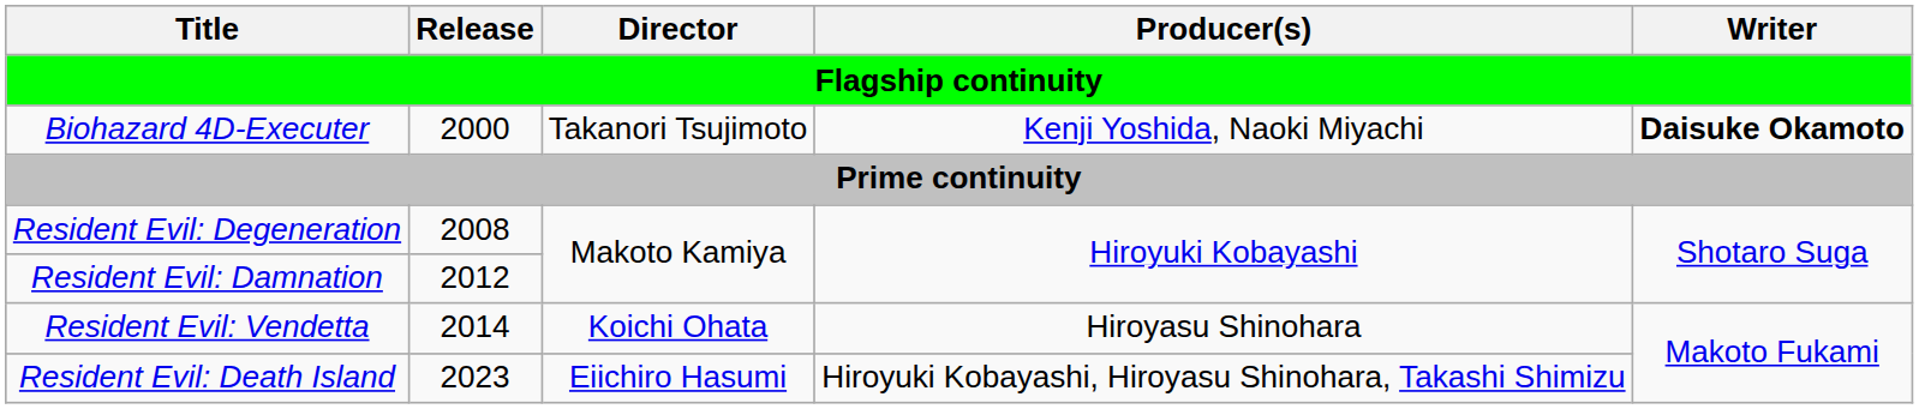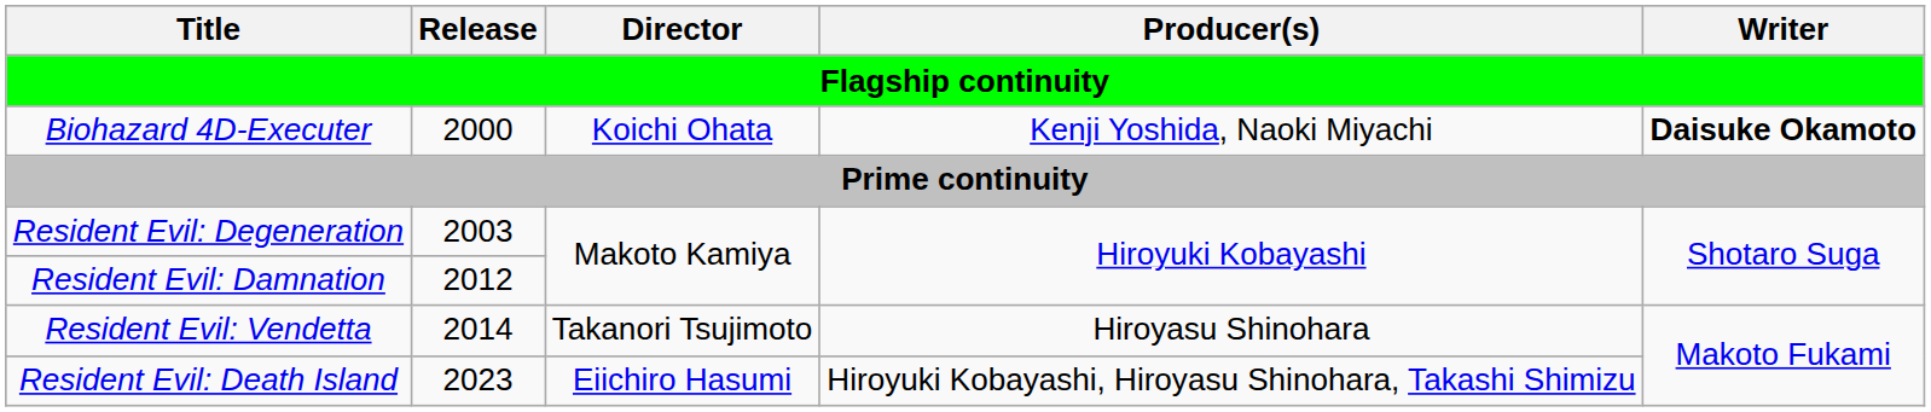 <table class="wikitable">
 <tr>
 <th>Title</th>
 <th>Release</th>
 <th>Director</th>
 <th>Producer(s)</th>
 <th>Writer</th>
 </tr>
 <tr>
 <th colspan="5" style="background-color: lime;">Flagship continuity</th>
 </tr>
 <tr style="text-align: center;">
 <td><em><a href='#'>Biohazard 4D-Executer</a></em></td>
 <td>2000</td>
-<td>Takanori Tsujimoto</td>
+<td><a href='#'>Koichi Ohata</a></td>
 <td><a href='#'>Kenji Yoshida</a>, Naoki Miyachi</td>
 <td><strong>Daisuke Okamoto</strong></td>
 </tr>
 <tr>
 <th colspan="5" style="background-color: silver;">Prime continuity</th>
 </tr>
 <tr style="text-align: center;">
 <td><em><a href='#'>Resident Evil: Degeneration</a></em></td>
-<td>2008</td>
+<td>2003</td>
 <td rowspan="2">Makoto Kamiya</td>
 <td rowspan="2"><a href='#'>Hiroyuki Kobayashi</a></td>
 <td rowspan="2"><a href='#'>Shotaro Suga</a></td>
 </tr>
 <tr style="text-align: center;">
 <td><em><a href='#'>Resident Evil: Damnation</a></em></td>
 <td>2012</td>
 </tr>
 <tr style="text-align: center;">
 <td><em><a href='#'>Resident Evil: Vendetta</a></em></td>
 <td>2014</td>
-<td><a href='#'>Koichi Ohata</a></td>
+<td>Takanori Tsujimoto</td>
 <td>Hiroyasu Shinohara</td>
 <td rowspan="2"><a href='#'>Makoto Fukami</a></td>
 </tr>
 <tr style="text-align: center;">
 <td><em><a href='#'>Resident Evil: Death Island</a></em></td>
 <td>2023</td>
 <td><a href='#'>Eiichiro Hasumi</a></td>
 <td>Hiroyuki Kobayashi, Hiroyasu Shinohara, <a href='#'>Takashi Shimizu</a></td>
 </tr>
 </table>
